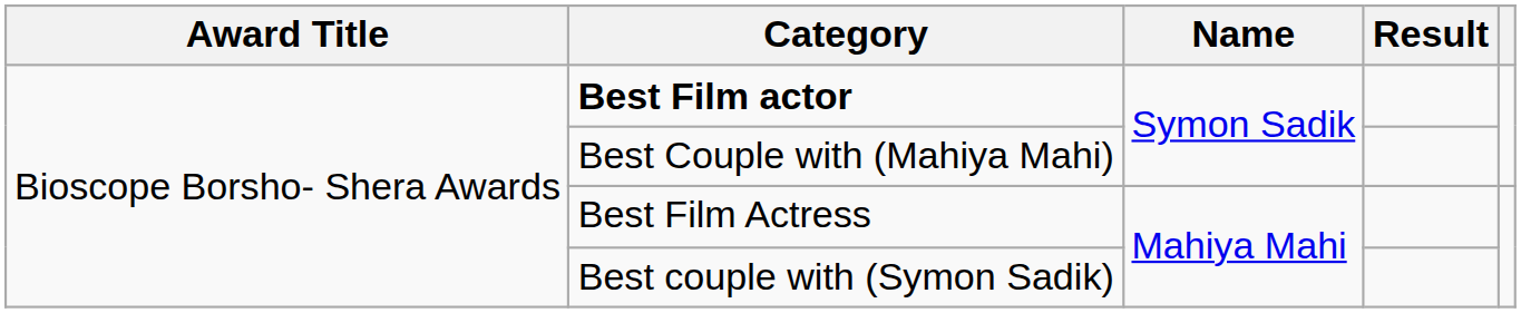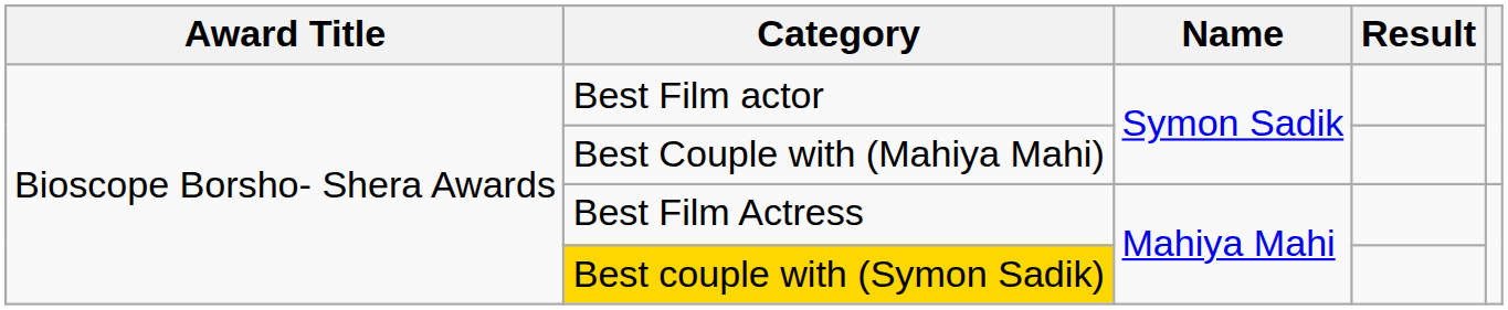 <table class="wikitable">
 <tr>
 <th>Award Title</th>
 <th>Category</th>
 <th>Name</th>
 <th>Result</th>
 <th></th>
 </tr>
 <tr>
 <td rowspan="5">Bioscope Borsho- Shera Awards</td>
-<td><strong>Best Film actor</strong></td>
+<td>Best Film actor</td>
 <td rowspan="2"><a href='#'>Symon Sadik</a></td>
 <td></td>
 <td rowspan="2"></td>
 </tr>
 <tr>
 <td>Best Couple with (Mahiya Mahi)</td>
 <td></td>
 </tr>
 <tr>
 <td>Best Film Actress</td>
 <td rowspan="2"><a href='#'>Mahiya Mahi</a></td>
 <td></td>
 <td rowspan="2"></td>
 </tr>
 <tr>
-<td>Best couple with (Symon Sadik)</td>
+<td style="background: gold;">Best couple with (Symon Sadik)</td>
 <td></td>
 </tr>
 </table>
